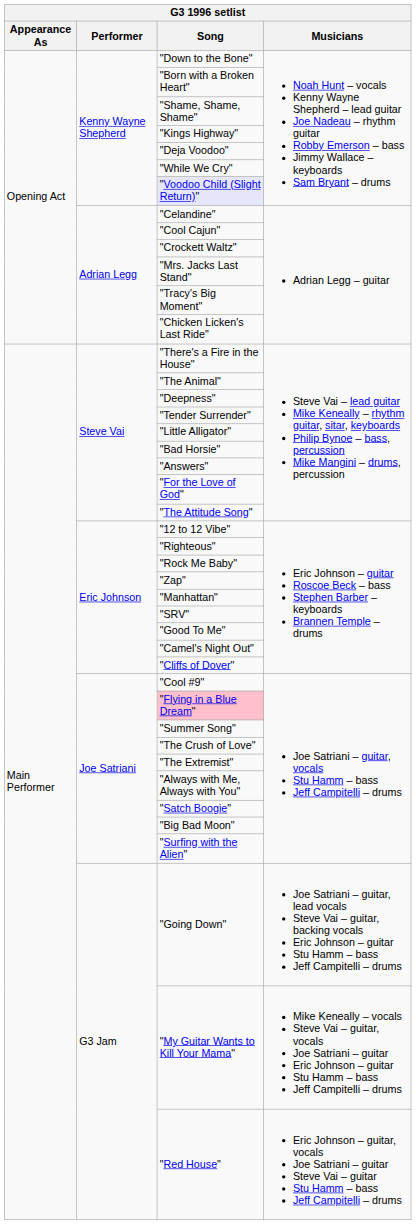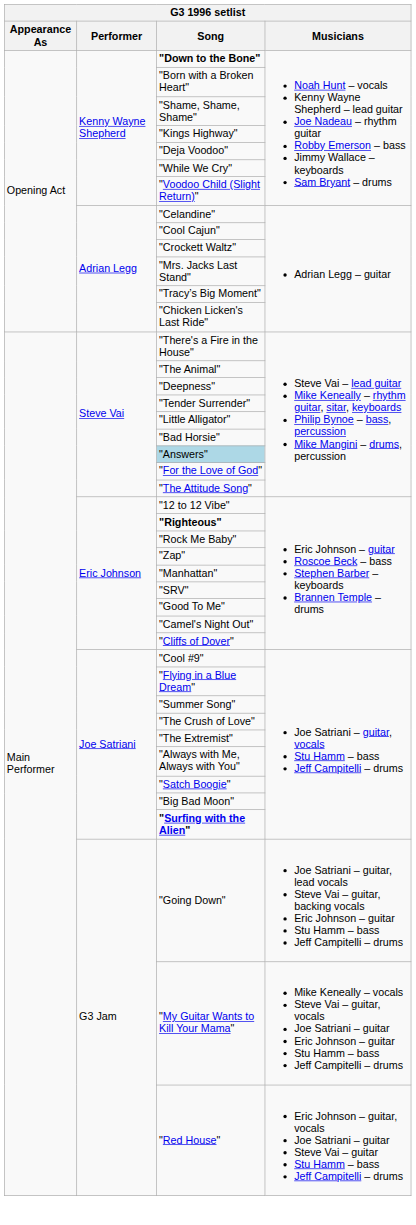 <table class="wikitable collapsible collapsed">
 <tr>
 <th colspan="4">G3 1996 setlist</th>
 </tr>
 <tr>
 <th>Appearance As</th>
 <th>Performer</th>
 <th>Song</th>
 <th>Musicians</th>
 </tr>
 <tr>
 <td rowspan=13>Opening Act</td>
 <td rowspan=7><a href='#'>Kenny Wayne Shepherd</a></td>
-<td>"Down to the Bone"</td>
+<td><strong>"Down to the Bone"</strong></td>
 <td rowspan=7><br><ul><li><a href='#'>Noah Hunt</a> – vocals</li><li>Kenny Wayne Shepherd – lead guitar</li><li><a href='#'>Joe Nadeau</a> – rhythm guitar</li><li><a href='#'>Robby Emerson</a> – bass</li><li>Jimmy Wallace – keyboards</li><li><a href='#'>Sam Bryant</a> – drums</li></ul></td>
 </tr>
 <tr>
 <td>"Born with a Broken Heart"</td>
 </tr>
 <tr>
 <td>"Shame, Shame, Shame"</td>
 </tr>
 <tr>
 <td>"Kings Highway"</td>
 </tr>
 <tr>
 <td>"Deja Voodoo"</td>
 </tr>
 <tr>
 <td>"While We Cry"</td>
 </tr>
 <tr>
-<td style="background: lavender;">"<a href='#'>Voodoo Child (Slight Return)</a>"</td>
+<td>"<a href='#'>Voodoo Child (Slight Return)</a>"</td>
 </tr>
 <tr>
 <td rowspan=6><a href='#'>Adrian Legg</a></td>
 <td>"Celandine"</td>
 <td rowspan=6><br><ul><li>Adrian Legg – guitar</li></ul></td>
 </tr>
 <tr>
 <td>"Cool Cajun"</td>
 </tr>
 <tr>
 <td>"Crockett Waltz"</td>
 </tr>
 <tr>
 <td>"Mrs. Jacks Last Stand"</td>
 </tr>
 <tr>
 <td>"Tracy’s Big Moment"</td>
 </tr>
 <tr>
 <td>"Chicken Licken's Last Ride"</td>
 </tr>
 <tr>
 <td rowspan=30>Main Performer</td>
 <td rowspan=9><a href='#'>Steve Vai</a></td>
 <td>"There's a Fire in the House"</td>
 <td rowspan=9><br><ul><li>Steve Vai – <a href='#'>lead guitar</a></li><li><a href='#'>Mike Keneally</a> – <a href='#'>rhythm guitar</a>, <a href='#'>sitar</a>, <a href='#'>keyboards</a></li><li><a href='#'>Philip Bynoe</a> – <a href='#'>bass</a>, <a href='#'>percussion</a></li><li><a href='#'>Mike Mangini</a> – <a href='#'>drums</a>, percussion</li></ul></td>
 </tr>
 <tr>
 <td>"The Animal"</td>
 </tr>
 <tr>
 <td>"Deepness"</td>
 </tr>
 <tr>
 <td>"Tender Surrender"</td>
 </tr>
 <tr>
 <td>"Little Alligator"</td>
 </tr>
 <tr>
 <td>"Bad Horsie"</td>
 </tr>
 <tr>
-<td>"Answers"</td>
+<td style="background: lightblue;">"Answers"</td>
 </tr>
 <tr>
 <td>"<a href='#'>For the Love of God</a>"</td>
 </tr>
 <tr>
 <td>"<a href='#'>The Attitude Song</a>"</td>
 </tr>
 <tr>
 <td rowspan=9><a href='#'>Eric Johnson</a></td>
 <td>"12 to 12 Vibe"</td>
 <td rowspan=9><br><ul><li>Eric Johnson – <a href='#'>guitar</a></li><li><a href='#'>Roscoe Beck</a> – bass</li><li><a href='#'>Stephen Barber</a> – keyboards</li><li><a href='#'>Brannen Temple</a> – drums</li></ul></td>
 </tr>
 <tr>
-<td>"Righteous"</td>
+<td><strong>"Righteous"</strong></td>
 </tr>
 <tr>
 <td>"Rock Me Baby"</td>
 </tr>
 <tr>
 <td>"Zap"</td>
 </tr>
 <tr>
 <td>"Manhattan"</td>
 </tr>
 <tr>
 <td>"SRV"</td>
 </tr>
 <tr>
 <td>"Good To Me"</td>
 </tr>
 <tr>
 <td>"Camel's Night Out"</td>
 </tr>
 <tr>
 <td>"<a href='#'>Cliffs of Dover</a>"</td>
 </tr>
 <tr>
 <td rowspan=9><a href='#'>Joe Satriani</a></td>
 <td>"Cool #9"</td>
 <td rowspan=9><br><ul><li>Joe Satriani – <a href='#'>guitar</a>, <a href='#'>vocals</a></li><li><a href='#'>Stu Hamm</a> – bass</li><li><a href='#'>Jeff Campitelli</a> – drums</li></ul></td>
 </tr>
 <tr>
-<td style="background: pink;">"<a href='#'>Flying in a Blue Dream</a>"</td>
+<td>"<a href='#'>Flying in a Blue Dream</a>"</td>
 </tr>
 <tr>
 <td>"Summer Song"</td>
 </tr>
 <tr>
 <td>"The Crush of Love"</td>
 </tr>
 <tr>
 <td>"The Extremist"</td>
 </tr>
 <tr>
 <td>"Always with Me, Always with You"</td>
 </tr>
 <tr>
 <td>"<a href='#'>Satch Boogie</a>"</td>
 </tr>
 <tr>
 <td>"Big Bad Moon"</td>
 </tr>
 <tr>
-<td>"<a href='#'>Surfing with the Alien</a>"</td>
+<td><strong>"<a href='#'>Surfing with the Alien</a>"</strong></td>
 </tr>
 <tr>
 <td rowspan=3>G3 Jam</td>
 <td>"Going Down"</td>
 <td><br><ul><li>Joe Satriani – guitar, lead vocals</li><li>Steve Vai – guitar, backing vocals</li><li>Eric Johnson – guitar</li><li>Stu Hamm – bass</li><li>Jeff Campitelli – drums</li></ul></td>
 </tr>
 <tr>
 <td>"<a href='#'>My Guitar Wants to Kill Your Mama</a>"</td>
 <td><br><ul><li>Mike Keneally – vocals</li><li>Steve Vai – guitar, vocals</li><li>Joe Satriani – guitar</li><li>Eric Johnson – guitar</li><li>Stu Hamm – bass</li><li>Jeff Campitelli – drums</li></ul></td>
 </tr>
 <tr>
 <td>"<a href='#'>Red House</a>"</td>
 <td><br><ul><li>Eric Johnson – guitar, vocals</li><li>Joe Satriani – guitar</li><li>Steve Vai – guitar</li><li><a href='#'>Stu Hamm</a> – bass</li><li><a href='#'>Jeff Campitelli</a> – drums</li></ul></td>
 </tr>
 </table>
